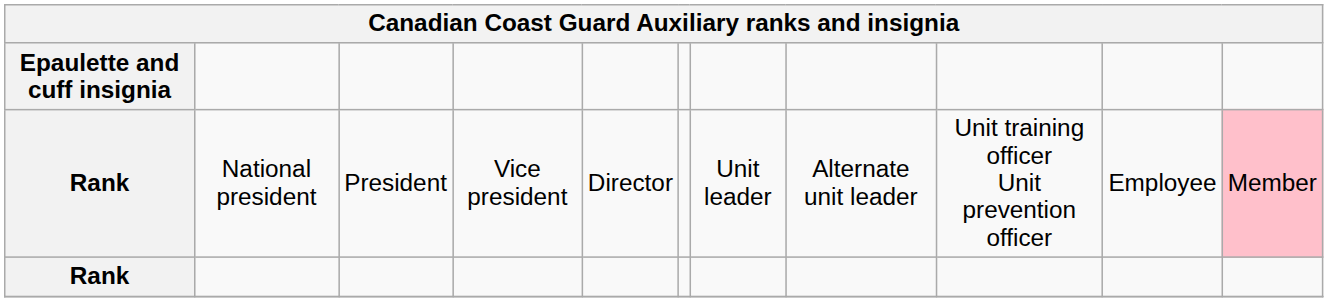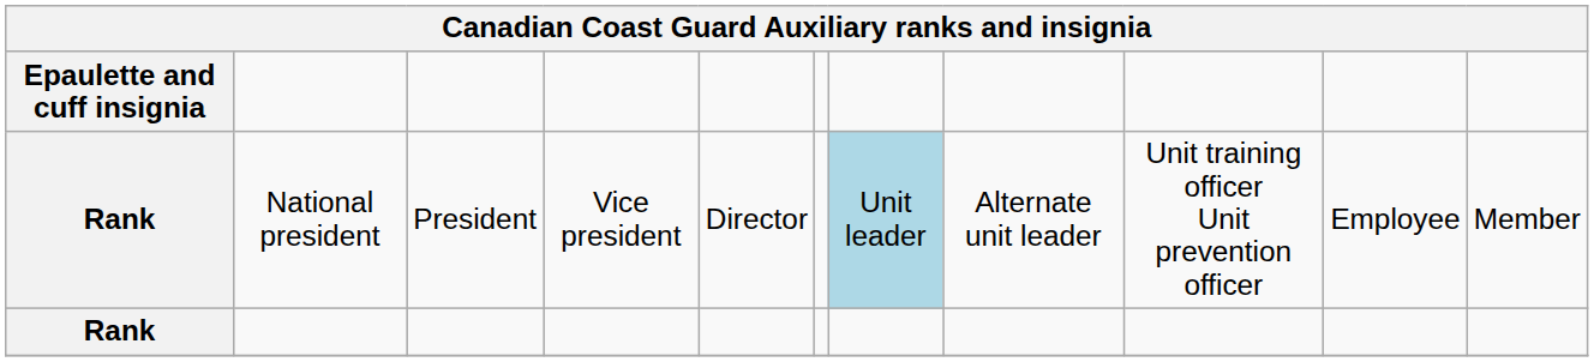 <table class="wikitable" style="text-align: center;">
 <tr>
 <th colspan=20>Canadian Coast Guard Auxiliary ranks and insignia</th>
 </tr>
 <tr>
 <th>Epaulette and cuff insignia</th>
 <td></td>
 <td></td>
 <td></td>
 <td></td>
 <td></td>
 <td></td>
 <td></td>
 <td></td>
 <td></td>
 <td></td>
 </tr>
 <tr>
 <th>Rank</th>
 <td>National president</td>
 <td>President</td>
 <td>Vice president</td>
 <td>Director</td>
 <td></td>
-<td>Unit leader</td>
+<td style="background: lightblue;">Unit leader</td>
 <td>Alternate unit leader</td>
 <td>Unit training officer<br>Unit prevention officer</td>
 <td>Employee</td>
-<td style="background: pink;">Member</td>
+<td>Member</td>
 </tr>
 <tr>
 <th>Rank</th>
 <td></td>
 <td></td>
 <td></td>
 <td></td>
 <td></td>
 <td></td>
 <td></td>
 <td></td>
 <td></td>
 <td></td>
 </tr>
 <tr>
 </tr>
 </table>
